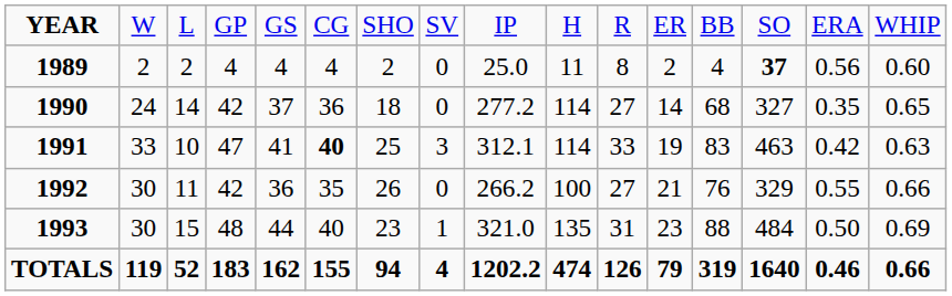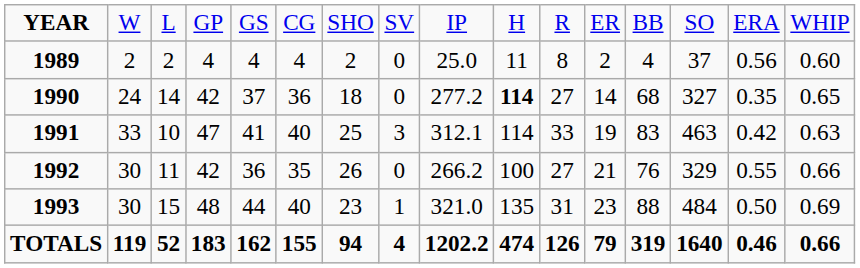 <table class="wikitable">
 <tr align=center>
 <td><strong>YEAR</strong></td>
 <td><a href='#'>W</a></td>
 <td><a href='#'>L</a></td>
 <td><a href='#'>GP</a></td>
 <td><a href='#'>GS</a></td>
 <td><a href='#'>CG</a></td>
 <td><a href='#'>SHO</a></td>
 <td><a href='#'>SV</a></td>
 <td><a href='#'>IP</a></td>
 <td><a href='#'>H</a></td>
 <td><a href='#'>R</a></td>
 <td><a href='#'>ER</a></td>
 <td><a href='#'>BB</a></td>
 <td><a href='#'>SO</a></td>
 <td><a href='#'>ERA</a></td>
 <td><a href='#'>WHIP</a></td>
 </tr>
 <tr align=center>
 <td><strong>1989</strong></td>
 <td>2</td>
 <td>2</td>
 <td>4</td>
 <td>4</td>
 <td>4</td>
 <td>2</td>
 <td>0</td>
 <td>25.0</td>
 <td>11</td>
 <td>8</td>
 <td>2</td>
 <td>4</td>
-<td><strong>37</strong></td>
+<td>37</td>
 <td>0.56</td>
 <td>0.60</td>
 </tr>
 <tr align=center>
 <td><strong>1990</strong></td>
 <td>24</td>
 <td>14</td>
 <td>42</td>
 <td>37</td>
 <td>36</td>
 <td>18</td>
 <td>0</td>
 <td>277.2</td>
-<td>114</td>
+<td><strong>114</strong></td>
 <td>27</td>
 <td>14</td>
 <td>68</td>
 <td>327</td>
 <td>0.35</td>
 <td>0.65</td>
 </tr>
 <tr align=center>
 <td><strong>1991</strong></td>
 <td>33</td>
 <td>10</td>
 <td>47</td>
 <td>41</td>
-<td><strong>40</strong></td>
+<td>40</td>
 <td>25</td>
 <td>3</td>
 <td>312.1</td>
 <td>114</td>
 <td>33</td>
 <td>19</td>
 <td>83</td>
 <td>463</td>
 <td>0.42</td>
 <td>0.63</td>
 </tr>
 <tr align=center>
 <td><strong>1992</strong></td>
 <td>30</td>
 <td>11</td>
 <td>42</td>
 <td>36</td>
 <td>35</td>
 <td>26</td>
 <td>0</td>
 <td>266.2</td>
 <td>100</td>
 <td>27</td>
 <td>21</td>
 <td>76</td>
 <td>329</td>
 <td>0.55</td>
 <td>0.66</td>
 </tr>
 <tr align=center>
 <td><strong>1993</strong></td>
 <td>30</td>
 <td>15</td>
 <td>48</td>
 <td>44</td>
 <td>40</td>
 <td>23</td>
 <td>1</td>
 <td>321.0</td>
 <td>135</td>
 <td>31</td>
 <td>23</td>
 <td>88</td>
 <td>484</td>
 <td>0.50</td>
 <td>0.69</td>
 </tr>
 <tr align=center>
 <td><strong>TOTALS</strong></td>
 <td><strong>119</strong></td>
 <td><strong>52</strong></td>
 <td><strong>183</strong></td>
 <td><strong>162</strong></td>
 <td><strong>155</strong></td>
 <td><strong>94</strong></td>
 <td><strong>4</strong></td>
 <td><strong>1202.2</strong></td>
 <td><strong>474</strong></td>
 <td><strong>126</strong></td>
 <td><strong>79</strong></td>
 <td><strong>319</strong></td>
 <td><strong>1640</strong></td>
 <td><strong>0.46</strong></td>
 <td><strong>0.66</strong></td>
 </tr>
 </table>
